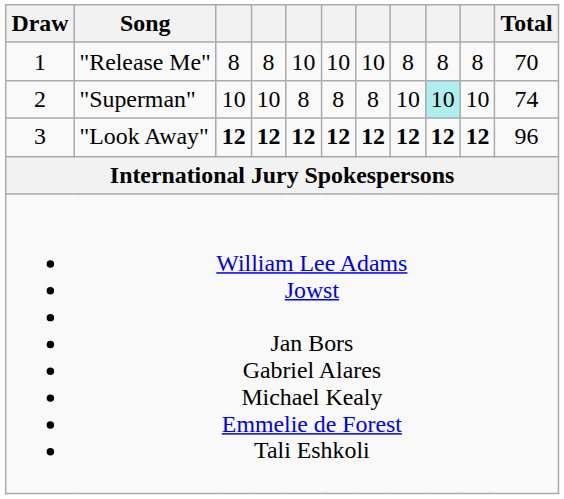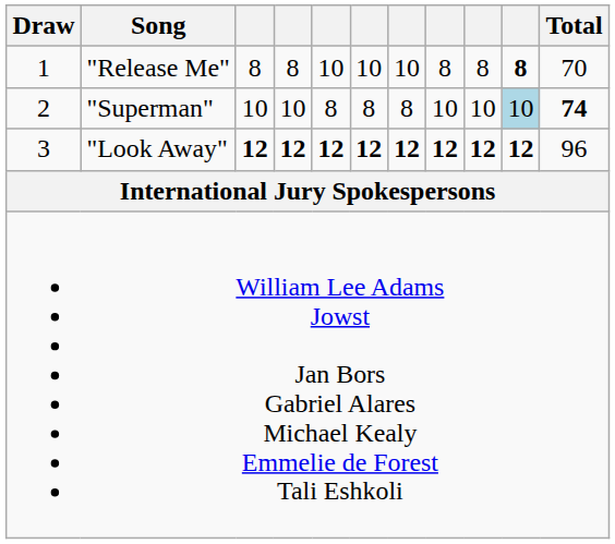 <table class="wikitable collapsible" style="margin: 1em auto 1em auto; text-align:center;">
 <tr>
 <th>Draw</th>
 <th>Song</th>
 <th><br></th>
 <th><br></th>
 <th><br></th>
 <th><br></th>
 <th><br></th>
 <th><br></th>
 <th><br></th>
 <th><br></th>
 <th>Total</th>
 </tr>
 <tr>
 <td>1</td>
 <td align="left">"Release Me"</td>
 <td>8</td>
 <td>8</td>
 <td>10</td>
 <td>10</td>
 <td>10</td>
 <td>8</td>
 <td>8</td>
-<td>8</td>
+<td><strong>8</strong></td>
 <td>70</td>
 </tr>
 <tr>
 <td>2</td>
 <td align="left">"Superman"</td>
 <td>10</td>
 <td>10</td>
 <td>8</td>
 <td>8</td>
 <td>8</td>
 <td>10</td>
-<td style="background: paleturquoise;">10</td>
 <td>10</td>
-<td>74</td>
+<td style="background: lightblue;">10</td>
+<td><strong>74</strong></td>
 </tr>
 <tr>
 <td>3</td>
 <td align="left">"Look Away"</td>
 <td><strong>12</strong></td>
 <td><strong>12</strong></td>
 <td><strong>12</strong></td>
 <td><strong>12</strong></td>
 <td><strong>12</strong></td>
 <td><strong>12</strong></td>
 <td><strong>12</strong></td>
 <td><strong>12</strong></td>
 <td>96</td>
 </tr>
 <tr>
 <th colspan="11">International Jury Spokespersons</th>
 </tr>
 <tr>
 <td colspan="11"><br><ul><li> <a href='#'>William Lee Adams</a></li><li> <a href='#'>Jowst</a></li><li> </li><li> Jan Bors</li><li> Gabriel Alares</li><li> Michael Kealy</li><li> <a href='#'>Emmelie de Forest</a></li><li> Tali Eshkoli</li></ul></td>
 </tr>
 </table>
